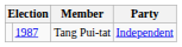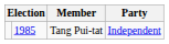 <table class="wikitable">
 <tr>
 <th colspan="2">Election</th>
 <th>Member</th>
 <th>Party</th>
 </tr>
 <tr>
 <td style="background-color: "></td>
-<td><a href='#'>1987</a></td>
+<td><a href='#'>1985</a></td>
 <td>Tang Pui-tat</td>
 <td><a href='#'>Independent</a></td>
 </tr>
 </table>
